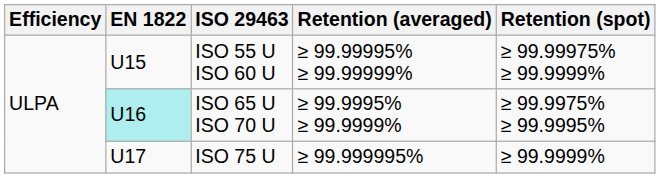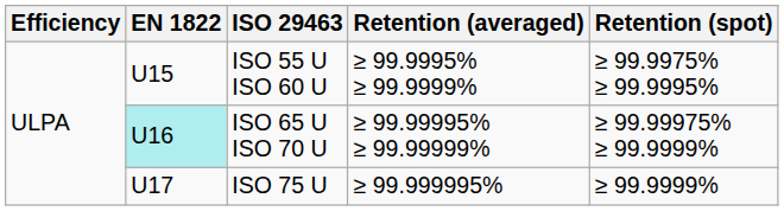 <table class="wikitable">
 <tr>
 <th>Efficiency</th>
 <th>EN 1822</th>
 <th>ISO 29463</th>
 <th>Retention (averaged)</th>
 <th>Retention (spot)</th>
 </tr>
 <tr>
 <td rowspan="3">ULPA</td>
 <td>U15</td>
 <td>ISO 55 U<br>ISO 60 U</td>
-<td>≥ 99.99995%<br>≥ 99.99999%</td>
-<td>≥ 99.99975%<br>≥ 99.9999%</td>
+<td>≥ 99.9995%<br>≥ 99.9999%</td>
+<td>≥ 99.9975%<br>≥ 99.9995%</td>
 </tr>
 <tr>
 <td style="background: paleturquoise;">U16</td>
 <td>ISO 65 U<br>ISO 70 U</td>
-<td>≥ 99.9995%<br>≥ 99.9999%</td>
-<td>≥ 99.9975%<br>≥ 99.9995%</td>
+<td>≥ 99.99995%<br>≥ 99.99999%</td>
+<td>≥ 99.99975%<br>≥ 99.9999%</td>
 </tr>
 <tr>
 <td>U17</td>
 <td>ISO 75 U</td>
 <td>≥ 99.999995%</td>
 <td>≥ 99.9999%</td>
 </tr>
 </table>
